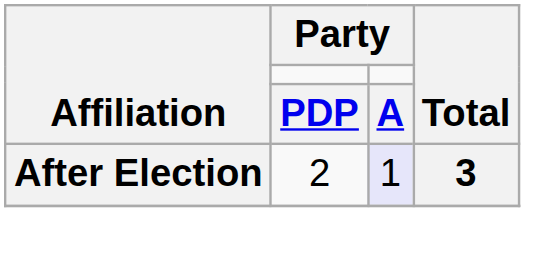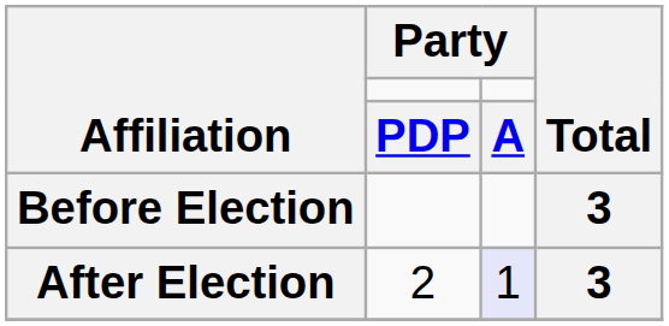 <table class=wikitable style="text-align:center">
 <tr style="vertical-align:bottom;">
 <th rowspan=3>Affiliation</th>
 <th colspan=2>Party</th>
 <th rowspan=3>Total</th>
 </tr>
 <tr>
 <td style="background-color:"></td>
 <td style="background-color:"></td>
 </tr>
 <tr>
 <th><a href='#'>PDP</a></th>
 <th><a href='#'>A</a></th>
 </tr>
 <tr>
+<th>Before Election</th>
+<td></td>
+<td></td>
+<th>3</th>
+</tr>
+<tr>
 <th>After Election</th>
 <td>2</td>
 <td style="background: lavender;">1</td>
 <th>3</th>
 </tr>
 <tr>
 </tr>
 </table>
